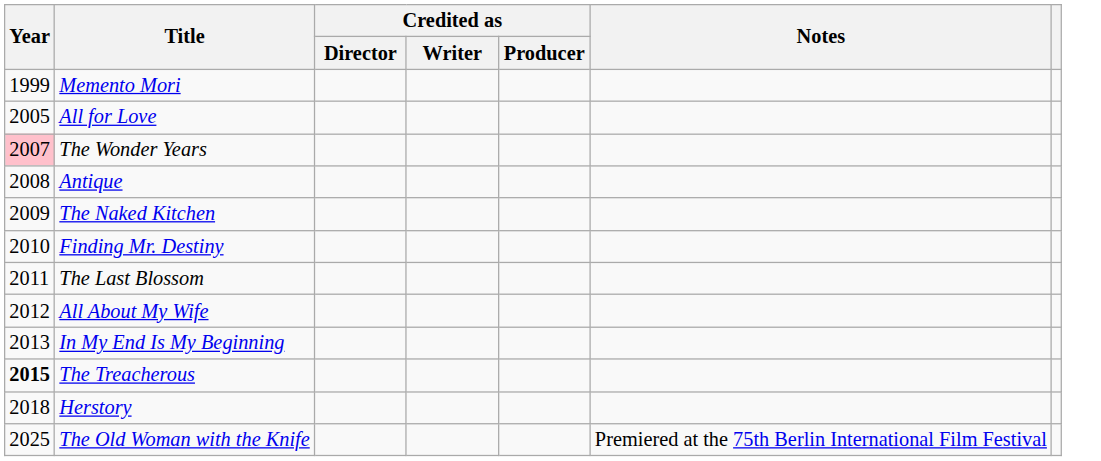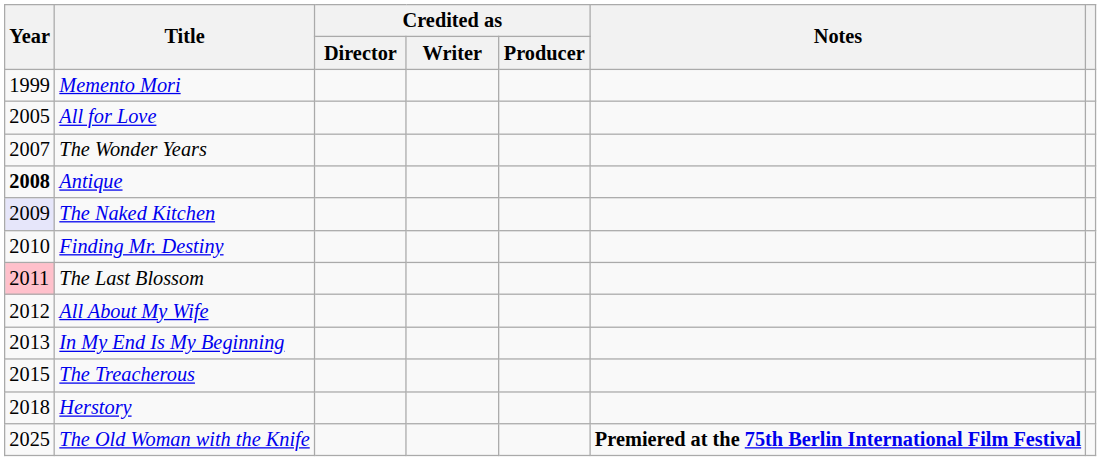 <table class="wikitable sortable">
 <tr>
 <th rowspan="2">Year</th>
 <th rowspan="2">Title</th>
 <th colspan="3">Credited as</th>
 <th rowspan="2" scope="col" class="unsortable">Notes</th>
 <th rowspan="2" scope="col" class="unsortable"></th>
 </tr>
 <tr>
 <th width="65">Director</th>
 <th width="65">Writer</th>
 <th width="65">Producer</th>
 </tr>
 <tr>
 <td>1999</td>
 <td><em><a href='#'>Memento Mori</a></em></td>
 <td></td>
 <td></td>
 <td></td>
 <td></td>
 <td></td>
 </tr>
 <tr>
 <td>2005</td>
 <td><em><a href='#'>All for Love</a></em></td>
 <td></td>
 <td></td>
 <td></td>
 <td></td>
 <td></td>
 </tr>
 <tr>
-<td style="background: pink;">2007</td>
+<td>2007</td>
 <td><em>The Wonder Years</em></td>
 <td></td>
 <td></td>
 <td></td>
 <td></td>
 <td></td>
 </tr>
 <tr>
-<td>2008</td>
+<td><strong>2008</strong></td>
 <td><em><a href='#'>Antique</a></em></td>
 <td></td>
 <td></td>
 <td></td>
 <td></td>
 <td></td>
 </tr>
 <tr>
-<td>2009</td>
+<td style="background: lavender;">2009</td>
 <td><em><a href='#'>The Naked Kitchen</a></em></td>
 <td></td>
 <td></td>
 <td></td>
 <td></td>
 <td></td>
 </tr>
 <tr>
 <td>2010</td>
 <td><em><a href='#'>Finding Mr. Destiny</a></em></td>
 <td></td>
 <td></td>
 <td></td>
 <td></td>
 <td></td>
 </tr>
 <tr>
-<td>2011</td>
+<td style="background: pink;">2011</td>
 <td><em>The Last Blossom</em></td>
 <td></td>
 <td></td>
 <td></td>
 <td></td>
 <td></td>
 </tr>
 <tr>
 <td>2012</td>
 <td><em><a href='#'>All About My Wife</a></em></td>
 <td></td>
 <td></td>
 <td></td>
 <td></td>
 <td></td>
 </tr>
 <tr>
 <td>2013</td>
 <td><em><a href='#'>In My End Is My Beginning</a></em></td>
 <td></td>
 <td></td>
 <td></td>
 <td></td>
 <td></td>
 </tr>
 <tr>
-<td><strong>2015</strong></td>
+<td>2015</td>
 <td><em><a href='#'>The Treacherous</a></em></td>
 <td></td>
 <td></td>
 <td></td>
 <td></td>
 <td></td>
 </tr>
 <tr>
 <td>2018</td>
 <td><em><a href='#'>Herstory</a></em></td>
 <td></td>
 <td></td>
 <td></td>
 <td></td>
 <td></td>
 </tr>
 <tr>
 <td>2025</td>
 <td><em><a href='#'>The Old Woman with the Knife</a></em></td>
 <td></td>
 <td></td>
 <td></td>
-<td>Premiered at the <a href='#'>75th Berlin International Film Festival</a></td>
+<td><strong>Premiered at the <a href='#'>75th Berlin International Film Festival</a></strong></td>
 <td></td>
 </tr>
 </table>
